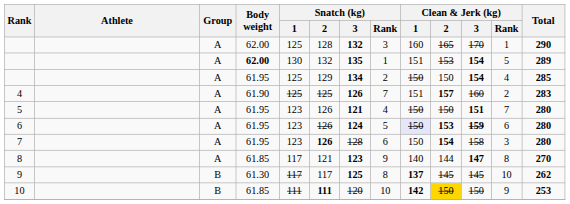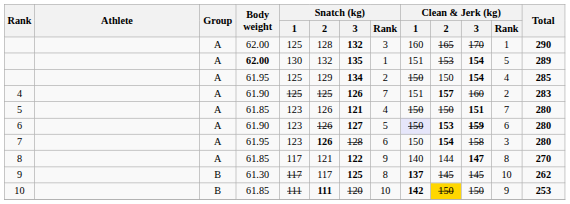 <table class = "wikitable" style="text-align:center;">
 <tr>
 <th rowspan=2 width=40>Rank</th>
 <th rowspan=2 width=250>Athlete</th>
 <th rowspan=2 width=50>Group</th>
 <th rowspan=2 width=60>Body weight</th>
 <th colspan=4>Snatch (kg)</th>
 <th colspan=4>Clean & Jerk (kg)</th>
 <th rowspan=2 width=60>Total</th>
 </tr>
 <tr>
 <th width=40>1</th>
 <th width=40>2</th>
 <th width=40>3</th>
 <th width=40>Rank</th>
 <th width=40>1</th>
 <th width=40>2</th>
 <th width=40>3</th>
 <th width=40>Rank</th>
 </tr>
 <tr>
 <td></td>
 <td align=left></td>
 <td>A</td>
 <td>62.00</td>
 <td>125</td>
 <td>128</td>
 <td><strong>132</strong></td>
 <td>3</td>
 <td>160</td>
 <td><s>165</s></td>
 <td><s>170</s></td>
 <td>1</td>
 <td><strong>290</strong></td>
 </tr>
 <tr>
 <td></td>
 <td align=left></td>
 <td>A</td>
 <td><strong>62.00</strong></td>
 <td>130</td>
 <td>132</td>
 <td><strong>135</strong></td>
 <td>1</td>
 <td>151</td>
 <td><s>153</s></td>
 <td><strong>154</strong></td>
 <td>5</td>
 <td><strong>289</strong></td>
 </tr>
 <tr>
 <td></td>
 <td align=left></td>
 <td>A</td>
 <td>61.95</td>
 <td>125</td>
 <td>129</td>
 <td><strong>134</strong></td>
 <td>2</td>
 <td><s>150</s></td>
 <td>150</td>
 <td><strong>154</strong></td>
 <td>4</td>
 <td><strong>285</strong></td>
 </tr>
 <tr>
 <td>4</td>
 <td align=left></td>
 <td>A</td>
 <td>61.90</td>
 <td><s>125</s></td>
 <td><s>125</s></td>
 <td><strong>126</strong></td>
 <td>7</td>
 <td>151</td>
 <td><strong>157</strong></td>
 <td><s>160</s></td>
 <td>2</td>
 <td><strong>283</strong></td>
 </tr>
 <tr>
 <td>5</td>
 <td align=left></td>
 <td>A</td>
-<td>61.95</td>
+<td>61.85</td>
 <td>123</td>
 <td>126</td>
 <td><strong>121</strong></td>
 <td>4</td>
 <td><s>150</s></td>
 <td><s>150</s></td>
 <td><strong>151</strong></td>
 <td>7</td>
 <td><strong>280</strong></td>
 </tr>
 <tr>
 <td>6</td>
 <td align=left></td>
 <td>A</td>
-<td>61.95</td>
+<td>61.90</td>
 <td>123</td>
 <td><s>126</s></td>
-<td><strong>124</strong></td>
+<td><strong>127</strong></td>
 <td>5</td>
 <td style="background: lavender;"><s>150</s></td>
 <td><strong>153</strong></td>
 <td><strong><s>159</s></strong></td>
 <td>6</td>
 <td><strong>280</strong></td>
 </tr>
 <tr>
 <td>7</td>
 <td align=left></td>
 <td>A</td>
 <td>61.95</td>
 <td>123</td>
 <td><strong>126</strong></td>
 <td><s>128</s></td>
 <td>6</td>
 <td>150</td>
 <td><strong>154</strong></td>
 <td><s>158</s></td>
 <td>3</td>
 <td><strong>280</strong></td>
 </tr>
 <tr>
 <td>8</td>
 <td align=left></td>
 <td>A</td>
 <td>61.85</td>
 <td>117</td>
 <td>121</td>
-<td><strong>123</strong></td>
+<td><strong>122</strong></td>
 <td>9</td>
 <td>140</td>
 <td>144</td>
 <td><strong>147</strong></td>
 <td>8</td>
 <td><strong>270</strong></td>
 </tr>
 <tr>
 <td>9</td>
 <td align=left></td>
 <td>B</td>
 <td>61.30</td>
 <td><s>117</s></td>
 <td>117</td>
 <td><strong>125</strong></td>
 <td>8</td>
 <td><strong>137</strong></td>
 <td><s>145</s></td>
 <td><s>145</s></td>
 <td>10</td>
 <td><strong>262</strong></td>
 </tr>
 <tr>
 <td>10</td>
 <td align=left></td>
 <td>B</td>
 <td>61.85</td>
 <td><s>111</s></td>
 <td><strong>111</strong></td>
 <td><s>120</s></td>
 <td>10</td>
 <td><strong>142</strong></td>
 <td style="background: gold;"><s>150</s></td>
 <td><s>150</s></td>
 <td>9</td>
 <td><strong>253</strong></td>
 </tr>
 <tr>
 </tr>
 </table>
